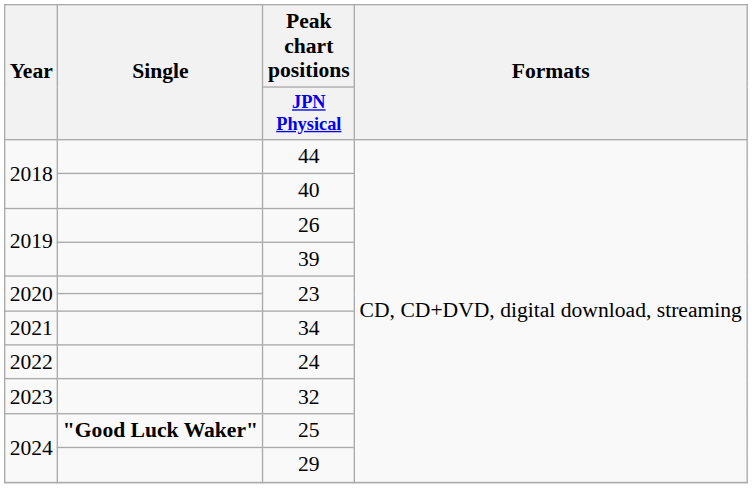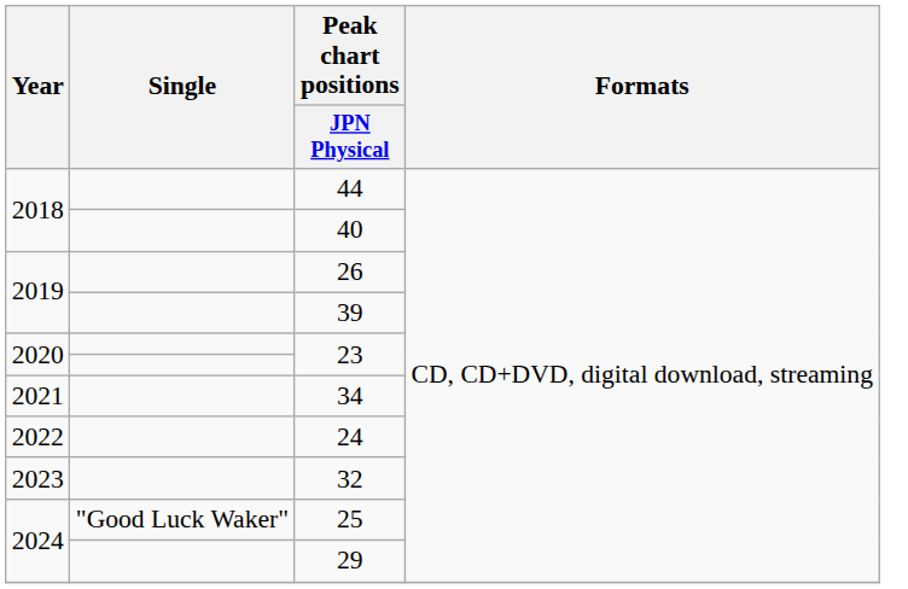 <table class="wikitable plainrowheaders" style="text-align:center;">
 <tr>
 <th scope="col" rowspan="2">Year</th>
 <th scope="col" rowspan="2">Single</th>
 <th scope="col" rowspan="1">Peak chart positions</th>
 <th scope="col" rowspan="2">Formats</th>
 </tr>
 <tr>
 <th scope="col" style="width:2.5em;font-size:85%;"><a href='#'>JPN<br>Physical</a><br></th>
 </tr>
 <tr>
 <td rowspan="2">2018</td>
 <td style="text-align:left;"></td>
 <td>44</td>
 <td rowspan="11">CD, CD+DVD, digital download, streaming</td>
 </tr>
 <tr>
 <td style="text-align:left;"></td>
 <td>40</td>
 </tr>
 <tr>
 <td rowspan="2">2019</td>
 <td style="text-align:left;"></td>
 <td>26</td>
 </tr>
 <tr>
 <td style="text-align:left;"></td>
 <td>39</td>
 </tr>
 <tr>
 <td rowspan="2">2020</td>
 <td style="text-align:left;"></td>
 <td rowspan="2">23</td>
 </tr>
 <tr>
 <td style="text-align:left;"></td>
 </tr>
 <tr>
 <td rowspan="1">2021</td>
 <td style="text-align:left;"></td>
 <td>34</td>
 </tr>
 <tr>
 <td rowspan="1">2022</td>
 <td style="text-align:left;"></td>
 <td>24</td>
 </tr>
 <tr>
 <td rowspan="1">2023</td>
 <td style="text-align:left;"></td>
 <td>32</td>
 </tr>
 <tr>
 <td rowspan="2">2024</td>
-<td style="text-align:left;"><strong>"Good Luck Waker"</strong></td>
+<td style="text-align:left;">"Good Luck Waker"</td>
 <td>25</td>
 </tr>
 <tr>
 <td style="text-align:left;"></td>
 <td>29</td>
 </tr>
 <tr>
 </tr>
 </table>
